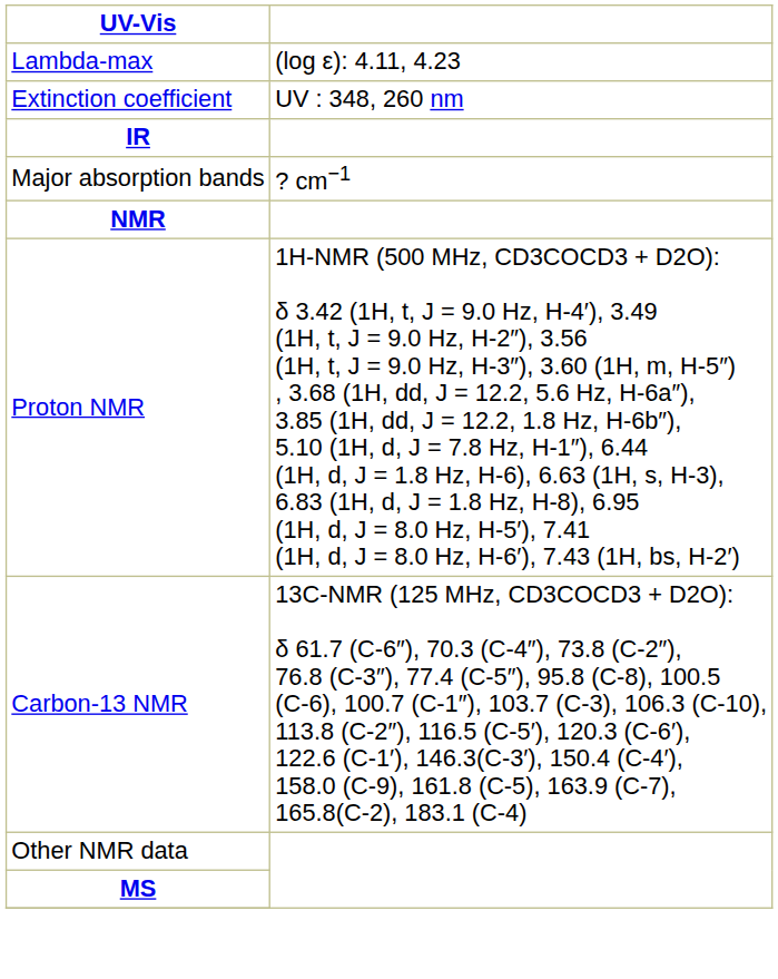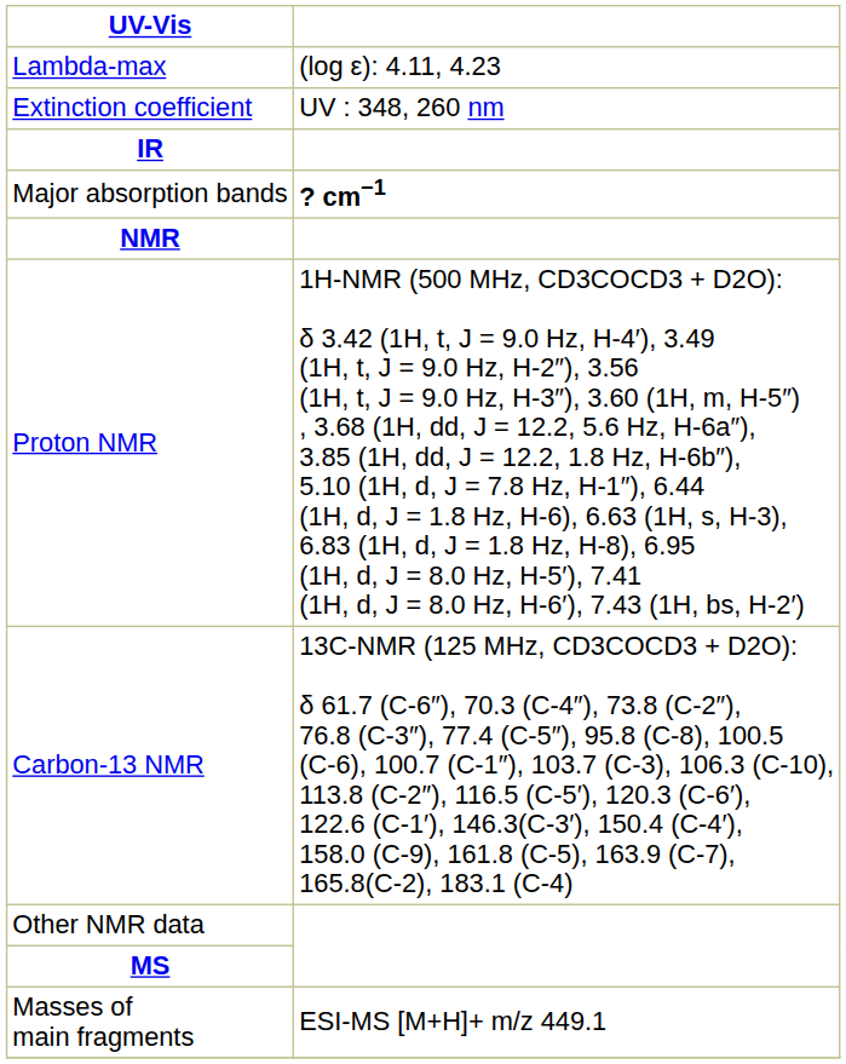 <table border="1" cellspacing="0" cellpadding="3" style="margin: 0 0 0 0.5em; background: #FFFFFF; border-collapse: collapse; border-color: #C0C090;">
 <tr>
 <th><a href='#'>UV-Vis</a></th>
 </tr>
 <tr>
 <td><a href='#'>Lambda-max</a></td>
 <td>(log ε): 4.11, 4.23</td>
 </tr>
 <tr>
 <td><a href='#'>Extinction coefficient</a></td>
 <td>UV : 348, 260 <a href='#'>nm</a></td>
 </tr>
 <tr>
 <th><a href='#'>IR</a></th>
 </tr>
 <tr>
 <td>Major absorption bands</td>
-<td>? cm<sup>−1</sup></td>
+<td><strong>? cm<sup>−1</sup></strong></td>
 </tr>
 <tr>
 <th><a href='#'>NMR</a></th>
 </tr>
 <tr>
 <td><a href='#'>Proton NMR</a> </td>
 <td>1H-NMR (500 MHz, CD3COCD3 + D2O):<br><br>δ 3.42 (1H, t, J = 9.0 Hz, H-4′), 3.49 <br> (1H, t, J = 9.0 Hz, H-2″), 3.56 <br> (1H, t, J = 9.0 Hz, H-3″), 3.60 (1H, m, H-5″)<br> , 3.68 (1H, dd, J = 12.2, 5.6 Hz, H-6a″), <br> 3.85 (1H, dd, J = 12.2, 1.8 Hz, H-6b″), <br> 5.10 (1H, d, J = 7.8 Hz, H-1″), 6.44 <br> (1H, d, J = 1.8 Hz, H-6), 6.63 (1H, s, H-3), <br> 6.83 (1H, d, J = 1.8 Hz, H-8), 6.95 <br> (1H, d, J = 8.0 Hz, H-5′), 7.41 <br> (1H, d, J = 8.0 Hz, H-6′), 7.43 (1H, bs, H-2′)</td>
 </tr>
 <tr>
 <td><a href='#'>Carbon-13 NMR</a> </td>
 <td>13C-NMR (125 MHz, CD3COCD3 + D2O):<br><br>δ 61.7 (C-6″), 70.3 (C-4″), 73.8 (C-2″), <br> 76.8 (C-3″), 77.4 (C-5″), 95.8 (C-8), 100.5 <br> (C-6), 100.7 (C-1″), 103.7 (C-3), 106.3 (C-10), <br> 113.8 (C-2″), 116.5 (C-5′), 120.3 (C-6′), <br> 122.6 (C-1′), 146.3(C-3′), 150.4 (C-4′), <br> 158.0 (C-9), 161.8 (C-5), 163.9 (C-7), <br> 165.8(C-2), 183.1 (C-4)</td>
 </tr>
 <tr>
 <td>Other NMR data </td>
 </tr>
 <tr>
 <th><a href='#'>MS</a></th>
 </tr>
 <tr>
+<td>Masses of <br>main fragments</td>
+<td>ESI-MS [M+H]+ m/z 449.1</td>
+</tr>
+<tr>
 </tr>
 </table>
